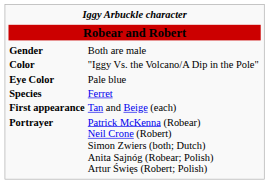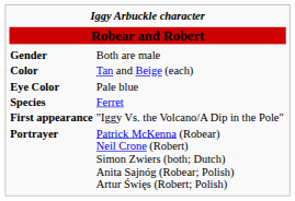 <table class="infobox" style="width: 25em;">
 <tr>
 <td colspan="2" style="text-align:center;"><strong><em>Iggy Arbuckle character</em></strong></td>
 </tr>
 <tr>
 <td colspan="2" style="text-align:center;"></td>
 </tr>
 <tr>
 <th colspan="2" style="font-size: larger; background-color:#c00; color:#000;"><strong>Robear and Robert</strong></th>
 </tr>
 <tr>
 <td colspan="2"></td>
 </tr>
 <tr>
 <td><strong>Gender</strong></td>
 <td>Both are male</td>
 </tr>
 <tr>
 <td><strong>Color</strong></td>
-<td>"Iggy Vs. the Volcano/A Dip in the Pole"</td>
+<td><a href='#'>Tan</a> and <a href='#'>Beige</a> (each)</td>
 </tr>
 <tr>
 <td><strong>Eye Color</strong></td>
 <td>Pale blue</td>
 </tr>
 <tr>
 <td><strong>Species</strong></td>
 <td><a href='#'>Ferret</a></td>
 </tr>
 <tr>
 <td><strong>First appearance</strong></td>
-<td><a href='#'>Tan</a> and <a href='#'>Beige</a> (each)</td>
+<td>"Iggy Vs. the Volcano/A Dip in the Pole"</td>
 </tr>
 <tr>
 <td><strong>Portrayer</strong></td>
 <td><a href='#'>Patrick McKenna</a> (Robear)<br><a href='#'>Neil Crone</a> (Robert)<br>Simon Zwiers (both; Dutch)<br>Anita Sajnóg (Robear; Polish)<br>Artur Święs (Robert; Polish)</td>
 </tr>
 </table>
